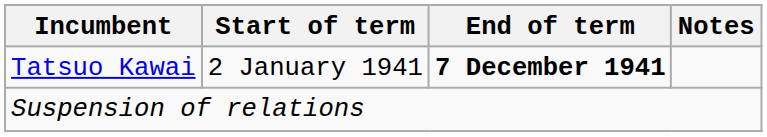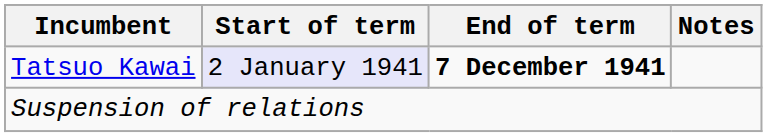 <table class="wikitable">
 <tr>
 <th>Incumbent</th>
 <th>Start of term</th>
 <th>End of term</th>
 <th>Notes</th>
 </tr>
 <tr>
 <td><a href='#'>Tatsuo Kawai</a></td>
-<td>2 January 1941</td>
+<td style="background: lavender;">2 January 1941</td>
 <td><strong>7 December 1941</strong></td>
 <td></td>
 </tr>
 <tr>
 <td colspan=4><em>Suspension of relations</em></td>
 </tr>
 </table>
